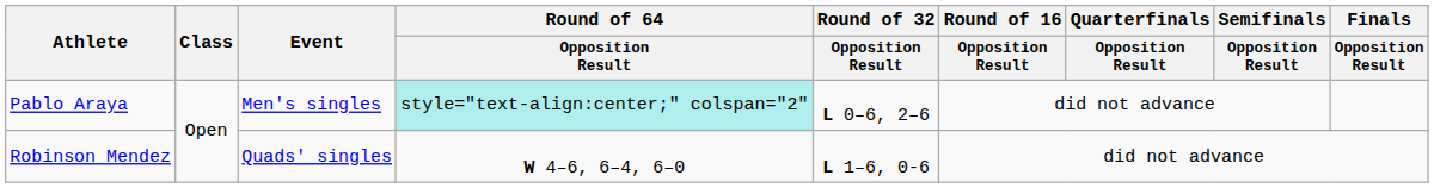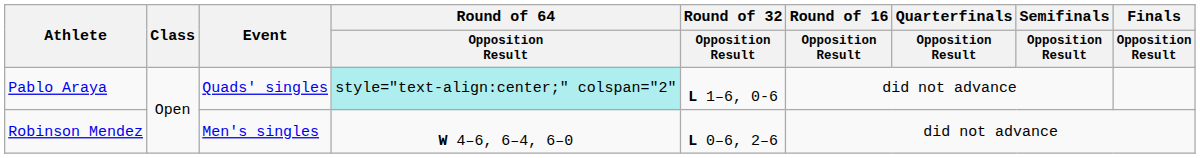 <table class=wikitable style="font-size:90%">
 <tr>
 <th rowspan="2">Athlete</th>
 <th rowspan="2">Class</th>
 <th rowspan="2">Event</th>
 <th>Round of 64</th>
 <th>Round of 32</th>
 <th>Round of 16</th>
 <th>Quarterfinals</th>
 <th>Semifinals</th>
 <th>Finals</th>
 </tr>
 <tr>
 <th style="line-height:1em"><small>Opposition<br>Result</small></th>
 <th style="line-height:1em"><small>Opposition<br>Result</small></th>
 <th style="line-height:1em"><small>Opposition<br>Result</small></th>
 <th style="line-height:1em"><small>Opposition<br>Result</small></th>
 <th style="line-height:1em"><small>Opposition<br>Result</small></th>
 <th style="line-height:1em"><small>Opposition<br>Result</small></th>
 </tr>
 <tr>
 <td><a href='#'>Pablo Araya</a></td>
 <td rowspan="2" style="text-align:center;">Open</td>
-<td><a href='#'>Men's singles</a></td>
+<td><a href='#'>Quads' singles</a></td>
 <td style="background: paleturquoise;">style="text-align:center;" colspan="2" </td>
-<td style="text-align:center;"><br><strong>L</strong> 0–6, 2–6</td>
+<td style="text-align:center;"><br><strong>L</strong> 1–6, 0-6</td>
 <td style="text-align:center;" colspan="3">did not advance</td>
 </tr>
 <tr>
 <td><a href='#'>Robinson Mendez</a></td>
-<td><a href='#'>Quads' singles</a></td>
+<td><a href='#'>Men's singles</a></td>
 <td style="text-align:center;"><br><strong>W</strong> 4–6, 6–4, 6–0</td>
-<td style="text-align:center;"><br><strong>L</strong> 1–6, 0-6</td>
+<td style="text-align:center;"><br><strong>L</strong> 0–6, 2–6</td>
 <td style="text-align:center;" colspan="4">did not advance</td>
 </tr>
 </table>
